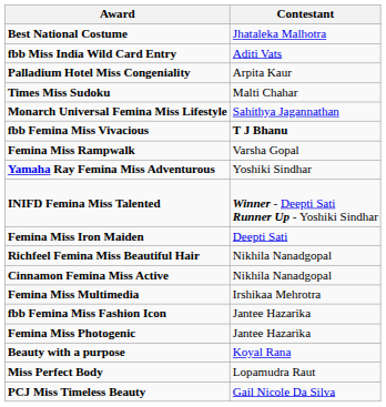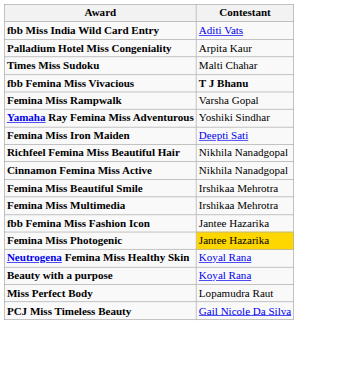 <table class="wikitable">
 <tr>
 <th>Award</th>
 <th>Contestant</th>
-</tr>
-<tr>
-<td><strong>Best National Costume</strong></td>
-<td><a href='#'>Jhataleka Malhotra</a></td>
 </tr>
 <tr>
 <td><strong>fbb Miss India Wild Card Entry</strong></td>
 <td><a href='#'>Aditi Vats</a></td>
 </tr>
 <tr>
 <td><strong>Palladium Hotel Miss Congeniality</strong></td>
 <td>Arpita Kaur</td>
 </tr>
 <tr>
 <td><strong>Times Miss Sudoku</strong></td>
 <td>Malti Chahar</td>
 </tr>
 <tr>
-<td><strong>Monarch Universal Femina Miss Lifestyle</strong></td>
-<td><a href='#'>Sahithya Jagannathan</a></td>
-</tr>
-<tr>
 <td><strong>fbb Femina Miss Vivacious </strong></td>
 <td><strong>T J Bhanu</strong></td>
 </tr>
 <tr>
 <td><strong>Femina Miss Rampwalk </strong></td>
 <td>Varsha Gopal</td>
 </tr>
 <tr>
 <td><strong><a href='#'>Yamaha</a> Ray Femina Miss Adventurous</strong></td>
 <td>Yoshiki Sindhar</td>
-</tr>
-<tr>
-<td><strong>INIFD Femina Miss Talented</strong></td>
-<td><br><strong><em>Winner</em></strong> - <a href='#'>Deepti Sati</a><br> <strong><em>Runner Up</em></strong> - Yoshiki Sindhar</td>
 </tr>
 <tr>
 <td><strong>Femina Miss Iron Maiden</strong></td>
 <td><a href='#'>Deepti Sati</a></td>
 </tr>
 <tr>
 <td><strong>Richfeel Femina Miss Beautiful Hair</strong></td>
 <td>Nikhila Nanadgopal</td>
 </tr>
 <tr>
 <td><strong>Cinnamon Femina Miss Active</strong></td>
 <td>Nikhila Nanadgopal</td>
 </tr>
 <tr>
+<td><strong>Femina Miss Beautiful Smile</strong></td>
+<td>Irshikaa Mehrotra</td>
+</tr>
+<tr>
 <td><strong>Femina Miss Multimedia</strong></td>
 <td>Irshikaa Mehrotra</td>
 </tr>
 <tr>
 <td><strong>fbb Femina Miss Fashion Icon</strong></td>
 <td>Jantee Hazarika</td>
 </tr>
 <tr>
 <td><strong>Femina Miss Photogenic</strong></td>
-<td>Jantee Hazarika</td>
+<td style="background: gold;">Jantee Hazarika</td>
+</tr>
+<tr>
+<td><strong><a href='#'>Neutrogena</a> Femina Miss Healthy Skin</strong></td>
+<td><a href='#'>Koyal Rana</a></td>
 </tr>
 <tr>
 <td><strong>Beauty with a purpose</strong></td>
 <td><a href='#'>Koyal Rana</a></td>
 </tr>
 <tr>
 <td><strong>Miss Perfect Body</strong></td>
 <td>Lopamudra Raut</td>
 </tr>
 <tr>
 <td><strong>PCJ Miss Timeless Beauty</strong></td>
 <td><a href='#'>Gail Nicole Da Silva</a></td>
 </tr>
 </table>
